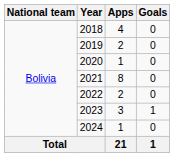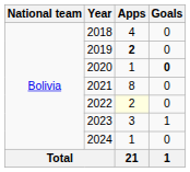 <table class="wikitable" style="text-align:center">
 <tr>
 <th>National team</th>
 <th>Year</th>
 <th>Apps</th>
 <th>Goals</th>
 </tr>
 <tr>
 <td rowspan="7"><a href='#'>Bolivia</a></td>
 <td>2018</td>
 <td>4</td>
 <td>0</td>
 </tr>
 <tr>
 <td>2019</td>
-<td>2</td>
+<td><strong>2</strong></td>
 <td>0</td>
 </tr>
 <tr>
 <td>2020</td>
 <td>1</td>
-<td>0</td>
+<td><strong>0</strong></td>
 </tr>
 <tr>
 <td>2021</td>
 <td>8</td>
 <td>0</td>
 </tr>
 <tr>
 <td>2022</td>
-<td>2</td>
+<td style="background: lightyellow;">2</td>
 <td>0</td>
 </tr>
 <tr>
 <td>2023</td>
 <td>3</td>
 <td>1</td>
 </tr>
 <tr>
 <td>2024</td>
 <td>1</td>
 <td>0</td>
 </tr>
 <tr>
 <th colspan="2">Total</th>
 <th>21</th>
 <th>1</th>
 </tr>
 </table>
